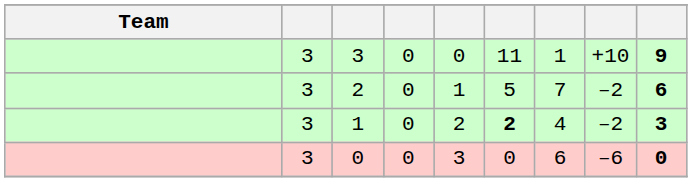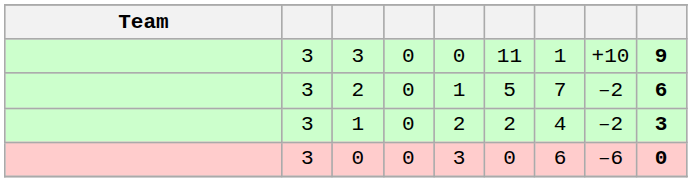 <table class="wikitable" style="text-align:center;">
 <tr>
 </tr>
 <tr>
 <th width="165">Team</th>
 <th width="25"></th>
 <th width="25"></th>
 <th width="25"></th>
 <th width="25"></th>
 <th width="25"></th>
 <th width="25"></th>
 <th width="25"></th>
 <th width="25"></th>
 </tr>
 <tr bgcolor=CCFFCC>
 <td align=left></td>
 <td>3</td>
 <td>3</td>
 <td>0</td>
 <td>0</td>
 <td>11</td>
 <td>1</td>
 <td>+10</td>
 <td><strong>9</strong></td>
 </tr>
 <tr bgcolor=CCFFCC>
 <td align=left></td>
 <td>3</td>
 <td>2</td>
 <td>0</td>
 <td>1</td>
 <td>5</td>
 <td>7</td>
 <td>–2</td>
 <td><strong>6</strong></td>
 </tr>
 <tr bgcolor=CCFFCC>
 <td align=left></td>
 <td>3</td>
 <td>1</td>
 <td>0</td>
 <td>2</td>
-<td><strong>2</strong></td>
+<td>2</td>
 <td>4</td>
 <td>–2</td>
 <td><strong>3</strong></td>
 </tr>
 <tr bgcolor=FFCCCC>
 <td align=left></td>
 <td>3</td>
 <td>0</td>
 <td>0</td>
 <td>3</td>
 <td>0</td>
 <td>6</td>
 <td>–6</td>
 <td><strong>0</strong></td>
 </tr>
 <tr>
 </tr>
 </table>
